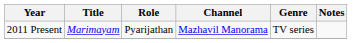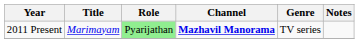 <table class="wikitable sortable">
 <tr>
 <th>Year</th>
 <th>Title</th>
 <th>Role</th>
 <th>Channel</th>
 <th>Genre</th>
 <th>Notes</th>
 </tr>
 <tr>
 <td>2011  Present</td>
 <td><em><a href='#'>Marimayam</a></em></td>
-<td>Pyarijathan</td>
-<td><a href='#'>Mazhavil Manorama</a></td>
+<td style="background: lightgreen;">Pyarijathan</td>
+<td><strong><a href='#'>Mazhavil Manorama</a></strong></td>
 <td>TV series</td>
 <td></td>
 </tr>
 <tr>
 </tr>
 </table>
